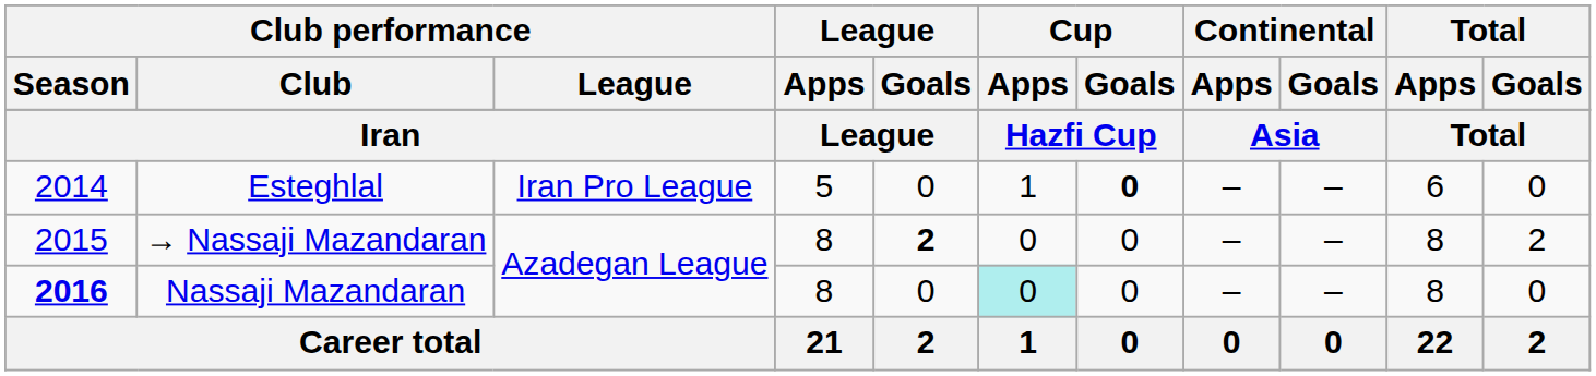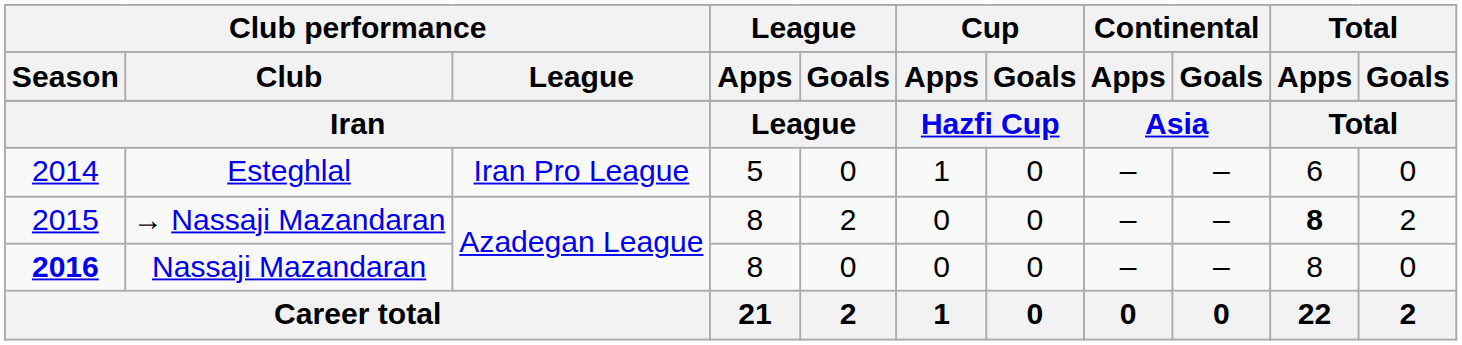 <table class="wikitable" style="text-align:center">
 <tr>
 <th colspan=3>Club performance</th>
 <th colspan=2>League</th>
 <th colspan=2>Cup</th>
 <th colspan=2>Continental</th>
 <th colspan=2>Total</th>
 </tr>
 <tr>
 <th>Season</th>
 <th>Club</th>
 <th>League</th>
 <th>Apps</th>
 <th>Goals</th>
 <th>Apps</th>
 <th>Goals</th>
 <th>Apps</th>
 <th>Goals</th>
 <th>Apps</th>
 <th>Goals</th>
 </tr>
 <tr>
 </tr>
 <tr>
 <th colspan=3>Iran</th>
 <th colspan=2>League</th>
 <th colspan=2><a href='#'>Hazfi Cup</a></th>
 <th colspan=2><a href='#'>Asia</a></th>
 <th colspan=2>Total</th>
 </tr>
 <tr>
 <td><a href='#'>2014</a></td>
 <td rowspan="1"><a href='#'>Esteghlal</a></td>
 <td rowspan="1"><a href='#'>Iran Pro League</a></td>
 <td>5</td>
 <td>0</td>
 <td>1</td>
-<td><strong>0</strong></td>
+<td>0</td>
 <td>–</td>
 <td>–</td>
 <td>6</td>
 <td>0</td>
 </tr>
 <tr>
 <td><a href='#'>2015</a></td>
 <td rowspan="1">→ <a href='#'>Nassaji Mazandaran</a></td>
 <td rowspan="2"><a href='#'>Azadegan League</a></td>
 <td>8</td>
-<td><strong>2</strong></td>
+<td>2</td>
 <td>0</td>
 <td>0</td>
 <td>–</td>
 <td>–</td>
-<td>8</td>
+<td><strong>8</strong></td>
 <td>2</td>
 </tr>
 <tr>
 <td><strong><a href='#'>2016</a></strong></td>
 <td rowspan="1"><a href='#'>Nassaji Mazandaran</a></td>
 <td>8</td>
 <td>0</td>
-<td style="background: paleturquoise;">0</td>
+<td>0</td>
 <td>0</td>
 <td>–</td>
 <td>–</td>
 <td>8</td>
 <td>0</td>
 </tr>
 <tr>
 <th colspan=3>Career total</th>
 <th>21</th>
 <th>2</th>
 <th>1</th>
 <th>0</th>
 <th>0</th>
 <th>0</th>
 <th>22</th>
 <th>2</th>
 </tr>
 </table>
